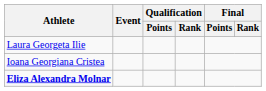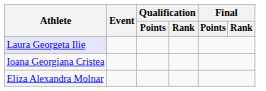 <table class="wikitable" style="font-size:90%">
 <tr>
 <th rowspan=2>Athlete</th>
 <th rowspan=2>Event</th>
 <th colspan=2>Qualification</th>
 <th colspan=2>Final</th>
 </tr>
 <tr style="font-size:95%">
 <th>Points</th>
 <th>Rank</th>
 <th>Points</th>
 <th>Rank</th>
 </tr>
 <tr align=center>
-<td align=left><a href='#'>Laura Georgeta Ilie</a></td>
+<td align=left style="background: lavender;"><a href='#'>Laura Georgeta Ilie</a></td>
 <td align=left></td>
 <td></td>
 <td></td>
 <td colspan=2></td>
 </tr>
 <tr align=center>
 <td align=left><a href='#'>Ioana Georgiana Cristea</a></td>
 <td align=left></td>
 <td></td>
 <td></td>
 <td colspan=2></td>
 </tr>
 <tr align=center>
-<td align=left><strong><a href='#'>Eliza Alexandra Molnar</a></strong></td>
+<td align=left><a href='#'>Eliza Alexandra Molnar</a></td>
 <td align=left></td>
 <td></td>
 <td></td>
 <td colspan=2></td>
 </tr>
 </table>
